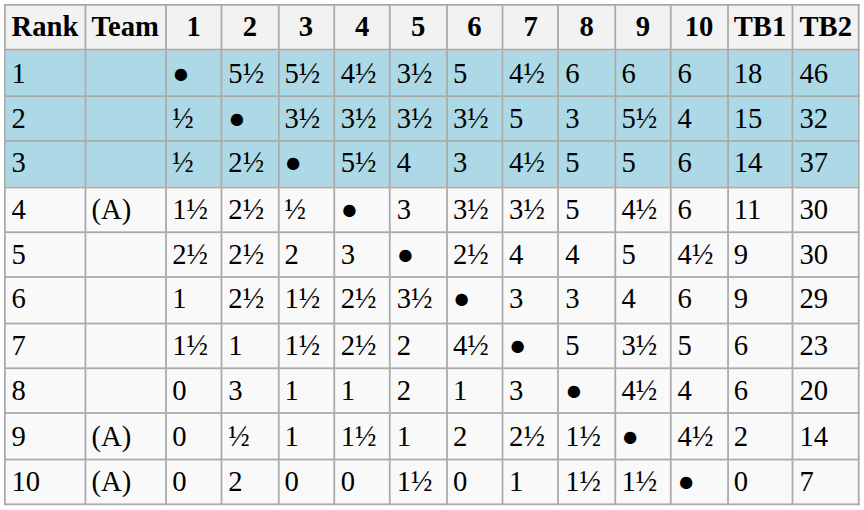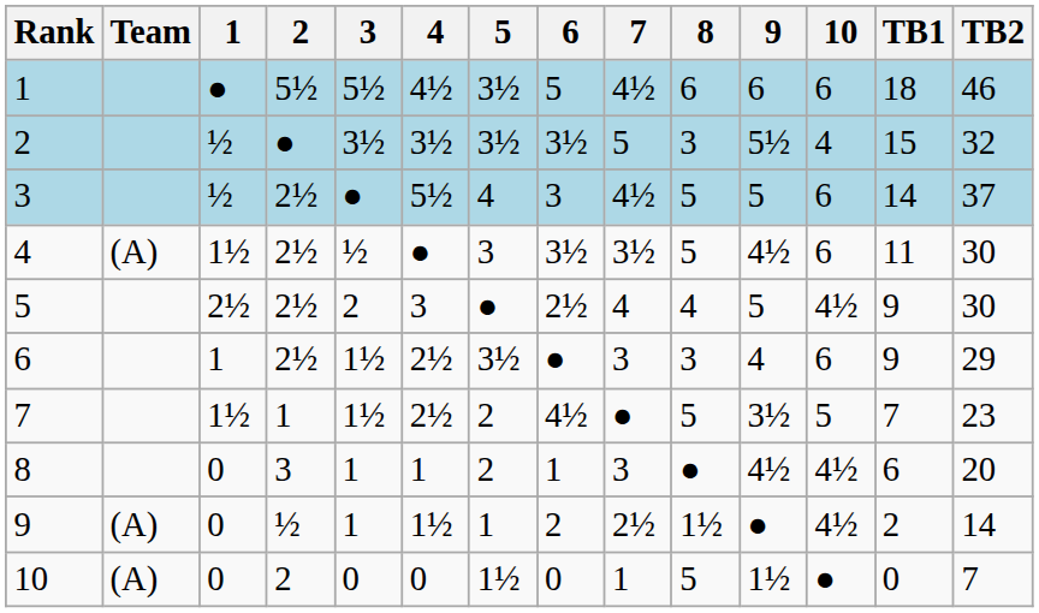 <table class="wikitable">
 <tr>
 <th>Rank</th>
 <th>Team</th>
 <th style="width:1.5em;">1</th>
 <th style="width:1.5em;">2</th>
 <th style="width:1.5em;">3</th>
 <th style="width:1.5em;">4</th>
 <th style="width:1.5em;">5</th>
 <th style="width:1.5em;">6</th>
 <th style="width:1.5em;">7</th>
 <th style="width:1.5em;">8</th>
 <th style="width:1.5em;">9</th>
 <th style="width:1.5em;">10</th>
 <th>TB1</th>
 <th>TB2</th>
 </tr>
 <tr style="background:lightblue">
 <td>1</td>
 <td></td>
 <td>●</td>
 <td>5½</td>
 <td>5½</td>
 <td>4½</td>
 <td>3½</td>
 <td>5</td>
 <td>4½</td>
 <td>6</td>
 <td>6</td>
 <td>6</td>
 <td>18</td>
 <td>46</td>
 </tr>
 <tr style="background:lightblue">
 <td>2</td>
 <td></td>
 <td>½</td>
 <td>●</td>
 <td>3½</td>
 <td>3½</td>
 <td>3½</td>
 <td>3½</td>
 <td>5</td>
 <td>3</td>
 <td>5½</td>
 <td>4</td>
 <td>15</td>
 <td>32</td>
 </tr>
 <tr style="background:lightblue">
 <td>3</td>
 <td></td>
 <td>½</td>
 <td>2½</td>
 <td>●</td>
 <td>5½</td>
 <td>4</td>
 <td>3</td>
 <td>4½</td>
 <td>5</td>
 <td>5</td>
 <td>6</td>
 <td>14</td>
 <td>37</td>
 </tr>
 <tr>
 <td>4</td>
 <td> (A)</td>
 <td>1½</td>
 <td>2½</td>
 <td>½</td>
 <td>●</td>
 <td>3</td>
 <td>3½</td>
 <td>3½</td>
 <td>5</td>
 <td>4½</td>
 <td>6</td>
 <td>11</td>
 <td>30</td>
 </tr>
 <tr>
 <td>5</td>
 <td></td>
 <td>2½</td>
 <td>2½</td>
 <td>2</td>
 <td>3</td>
 <td>●</td>
 <td>2½</td>
 <td>4</td>
 <td>4</td>
 <td>5</td>
 <td>4½</td>
 <td>9</td>
 <td>30</td>
 </tr>
 <tr>
 <td>6</td>
 <td></td>
 <td>1</td>
 <td>2½</td>
 <td>1½</td>
 <td>2½</td>
 <td>3½</td>
 <td>●</td>
 <td>3</td>
 <td>3</td>
 <td>4</td>
 <td>6</td>
 <td>9</td>
 <td>29</td>
 </tr>
 <tr>
 <td>7</td>
 <td></td>
 <td>1½</td>
 <td>1</td>
 <td>1½</td>
 <td>2½</td>
 <td>2</td>
 <td>4½</td>
 <td>●</td>
 <td>5</td>
 <td>3½</td>
 <td>5</td>
-<td>6</td>
+<td>7</td>
 <td>23</td>
 </tr>
 <tr>
 <td>8</td>
 <td></td>
 <td>0</td>
 <td>3</td>
 <td>1</td>
 <td>1</td>
 <td>2</td>
 <td>1</td>
 <td>3</td>
 <td>●</td>
 <td>4½</td>
-<td>4</td>
+<td>4½</td>
 <td>6</td>
 <td>20</td>
 </tr>
 <tr>
 <td>9</td>
 <td> (A)</td>
 <td>0</td>
 <td>½</td>
 <td>1</td>
 <td>1½</td>
 <td>1</td>
 <td>2</td>
 <td>2½</td>
 <td>1½</td>
 <td>●</td>
 <td>4½</td>
 <td>2</td>
 <td>14</td>
 </tr>
 <tr>
 <td>10</td>
 <td> (A)</td>
 <td>0</td>
 <td>2</td>
 <td>0</td>
 <td>0</td>
 <td>1½</td>
 <td>0</td>
 <td>1</td>
-<td>1½</td>
+<td>5</td>
 <td>1½</td>
 <td>●</td>
 <td>0</td>
 <td>7</td>
 </tr>
 </table>
